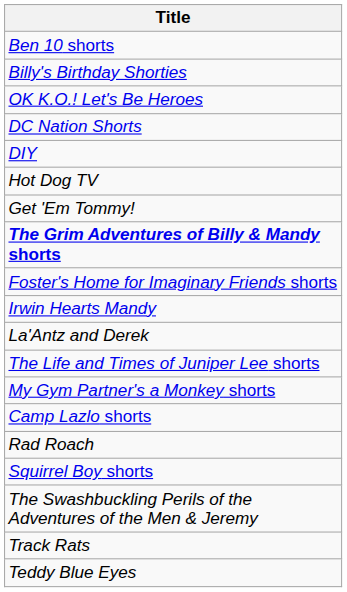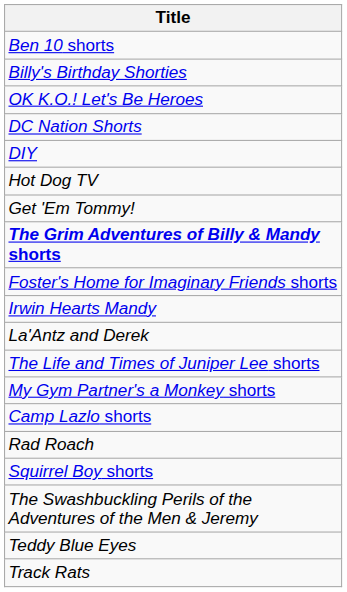 <table class="wikitable plainrowheaders sortable" style="width:25%;text-align:center;">
 <tr>
 <th>Title</th>
 </tr>
 <tr>
 <td scope="row" style="text-align:left;"><a href='#'><em>Ben 10</em> shorts</a></td>
 </tr>
 <tr>
 <td scope="row" style="text-align:left;"><em><a href='#'>Billy's Birthday Shorties</a></em></td>
 </tr>
 <tr>
 <td scope="row" style="text-align:left;"><em><a href='#'>OK K.O.! Let's Be Heroes</a></em></td>
 </tr>
 <tr>
 <td scope="row" style="text-align:left;"><em><a href='#'>DC Nation Shorts</a></em></td>
 </tr>
 <tr>
 <td scope="row" style="text-align:left;"><em><a href='#'>DIY</a></em></td>
 </tr>
 <tr>
 <td scope="row" style="text-align:left;"><em>Hot Dog TV</em></td>
 </tr>
 <tr>
 <td scope="row" style="text-align:left;"><em>Get 'Em Tommy!</em></td>
 </tr>
 <tr>
 <td scope="row" style="text-align:left;"><strong><a href='#'><em>The Grim Adventures of Billy & Mandy</em> shorts</a></strong></td>
 </tr>
 <tr>
 <td scope="row" style="text-align:left;"><a href='#'><em>Foster's Home for Imaginary Friends</em> shorts</a></td>
 </tr>
 <tr>
 <td scope="row" style="text-align:left;"><em><a href='#'>Irwin Hearts Mandy</a></em></td>
 </tr>
 <tr>
 <td scope="row" style="text-align:left;"><em>La'Antz and Derek</em></td>
 </tr>
 <tr>
 <td scope="row" style="text-align:left;"><a href='#'><em>The Life and Times of Juniper Lee</em> shorts</a></td>
 </tr>
 <tr>
 <td scope="row" style="text-align:left;"><a href='#'><em>My Gym Partner's a Monkey</em> shorts</a></td>
 </tr>
 <tr>
 <td scope="row" style="text-align:left;"><a href='#'><em>Camp Lazlo</em> shorts</a></td>
 </tr>
 <tr>
 <td scope="row" style="text-align:left;"><em>Rad Roach</em></td>
 </tr>
 <tr>
 <td scope="row" style="text-align:left;"><a href='#'><em>Squirrel Boy</em> shorts</a></td>
 </tr>
 <tr>
 <td scope="row" style="text-align:left;"><em>The Swashbuckling Perils of the Adventures of the Men & Jeremy</em></td>
 </tr>
 <tr>
+<td scope="row" style="text-align:left;"><em>Teddy Blue Eyes</em></td>
+</tr>
+<tr>
 <td scope="row" style="text-align:left;"><em>Track Rats</em></td>
 </tr>
-<tr>
-<td scope="row" style="text-align:left;"><em>Teddy Blue Eyes</em></td>
-</tr>
 </table>
